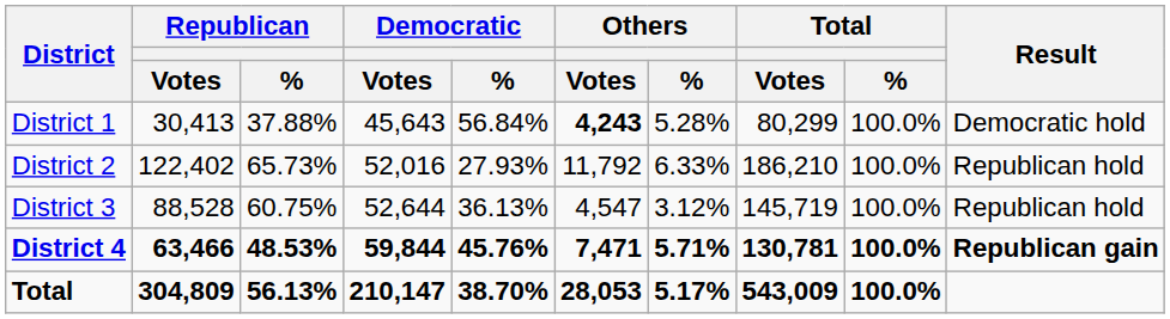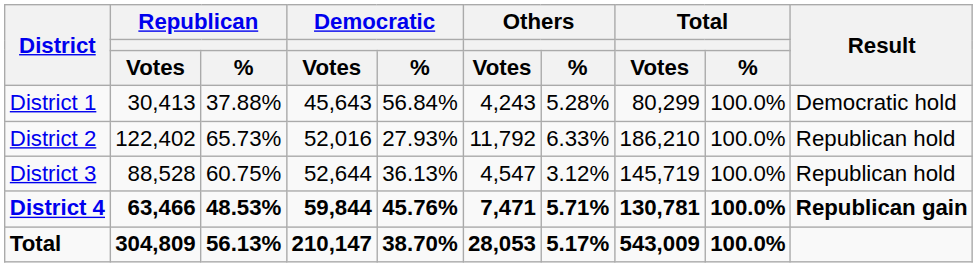 <table class="wikitable plainrowheaders sortable" style="font-size:100%; text-align:right;">
 <tr>
 <th scope=col rowspan=3><a href='#'>District</a></th>
 <th scope=col colspan=2><a href='#'>Republican</a></th>
 <th scope=col colspan=2><a href='#'>Democratic</a></th>
 <th scope=col colspan=2>Others</th>
 <th scope=col colspan=2>Total</th>
 <th scope=col rowspan=3>Result</th>
 </tr>
 <tr>
 <th scope=col colspan=2 style="background:"></th>
 <th scope=col colspan=2 style="background:"></th>
 <th scope=col colspan=2></th>
 <th scope=col colspan=2></th>
 </tr>
 <tr>
 <th scope=col data-sort-type="number">Votes</th>
 <th scope=col data-sort-type="number">%</th>
 <th scope=col data-sort-type="number">Votes</th>
 <th scope=col data-sort-type="number">%</th>
 <th scope=col data-sort-type="number">Votes</th>
 <th scope=col data-sort-type="number">%</th>
 <th scope=col data-sort-type="number">Votes</th>
 <th scope=col data-sort-type="number">%</th>
 </tr>
 <tr>
 <td align=left><a href='#'>District 1</a></td>
 <td>30,413</td>
 <td>37.88%</td>
 <td>45,643</td>
 <td>56.84%</td>
-<td><strong>4,243</strong></td>
+<td>4,243</td>
 <td>5.28%</td>
 <td>80,299</td>
 <td>100.0%</td>
 <td align=left>Democratic hold</td>
 </tr>
 <tr>
 <td align=left><a href='#'>District 2</a></td>
 <td>122,402</td>
 <td>65.73%</td>
 <td>52,016</td>
 <td>27.93%</td>
 <td>11,792</td>
 <td>6.33%</td>
 <td>186,210</td>
 <td>100.0%</td>
 <td align=left>Republican hold</td>
 </tr>
 <tr>
 <td align=left><a href='#'>District 3</a></td>
 <td>88,528</td>
 <td>60.75%</td>
 <td>52,644</td>
 <td>36.13%</td>
 <td>4,547</td>
 <td>3.12%</td>
 <td>145,719</td>
 <td>100.0%</td>
 <td align=left>Republican hold</td>
 </tr>
 <tr>
 <td align=left><strong><a href='#'>District 4</a></strong></td>
 <td><strong>63,466</strong></td>
 <td><strong>48.53%</strong></td>
 <td><strong>59,844</strong></td>
 <td><strong>45.76%</strong></td>
 <td><strong>7,471</strong></td>
 <td><strong>5.71%</strong></td>
 <td><strong>130,781</strong></td>
 <td><strong>100.0%</strong></td>
 <td align=left><strong>Republican gain</strong></td>
 </tr>
 <tr class="sortbottom" style="font-weight:bold">
 <td align=left>Total</td>
 <td>304,809</td>
 <td>56.13%</td>
 <td>210,147</td>
 <td>38.70%</td>
 <td>28,053</td>
 <td>5.17%</td>
 <td>543,009</td>
 <td>100.0%</td>
 <td></td>
 </tr>
 </table>
